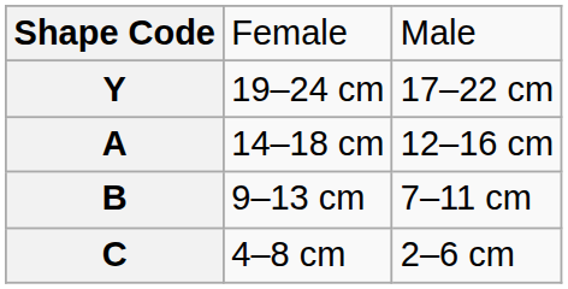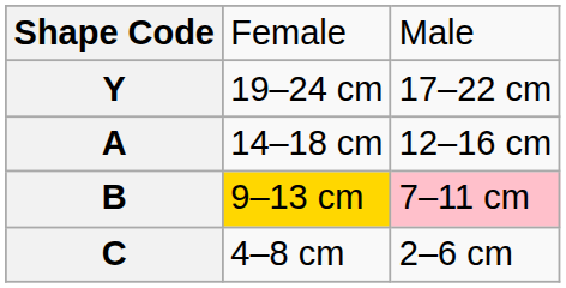 <table class="wikitable">
 <tr>
 <th>Shape Code</th>
 <td>Female</td>
 <td>Male</td>
 </tr>
 <tr>
 <th>Y</th>
 <td>19–24 cm</td>
 <td>17–22 cm</td>
 </tr>
 <tr>
 <th>A</th>
 <td>14–18 cm</td>
 <td>12–16 cm</td>
 </tr>
 <tr>
 <th>B</th>
-<td>9–13 cm</td>
-<td>7–11 cm</td>
+<td style="background: gold;">9–13 cm</td>
+<td style="background: pink;">7–11 cm</td>
 </tr>
 <tr>
 <th>C</th>
 <td>4–8 cm</td>
 <td>2–6 cm</td>
 </tr>
 </table>
